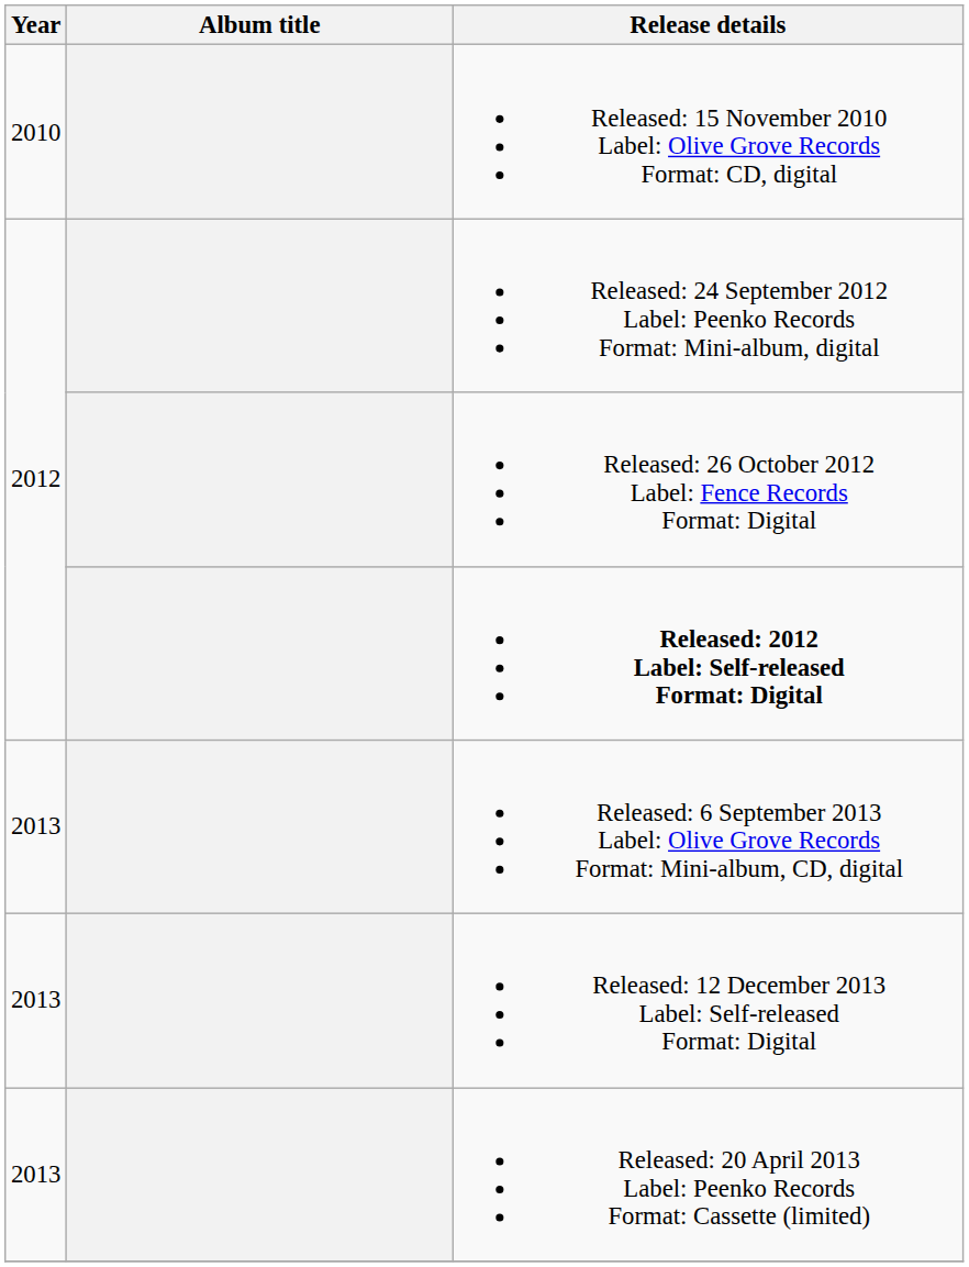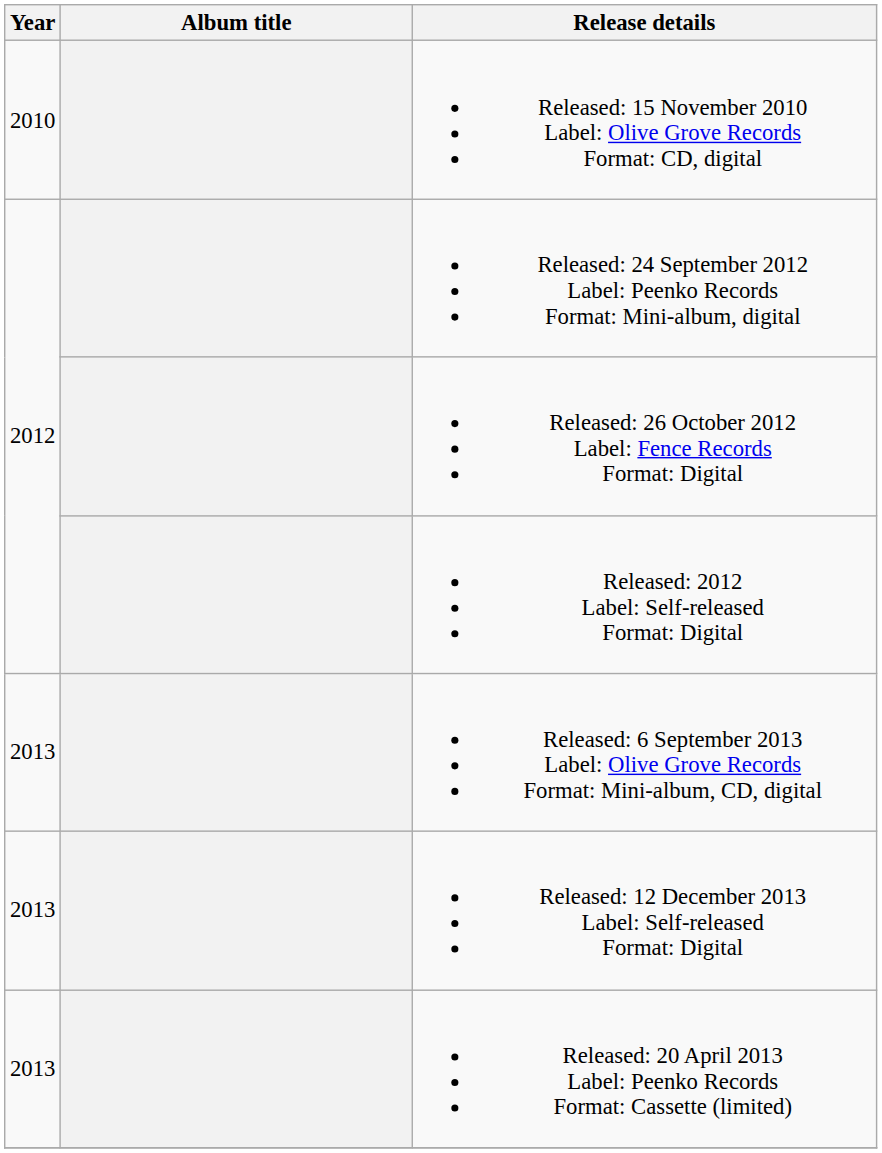 <table class="wikitable plainrowheaders" style="text-align:center;">
 <tr>
 <th>Year</th>
 <th scope="col" rowspan="1" style="width:15em;">Album title</th>
 <th scope="col" rowspan="1" style="width:20em;">Release details</th>
 </tr>
 <tr>
 <td>2010</td>
 <th></th>
 <td><br><ul><li>Released: 15 November 2010</li><li>Label: <a href='#'>Olive Grove Records</a></li><li>Format: CD, digital</li></ul></td>
 </tr>
 <tr>
 <td rowspan="3">2012</td>
 <th></th>
 <td><br><ul><li>Released: 24 September 2012</li><li>Label: Peenko Records</li><li>Format: Mini-album, digital</li></ul></td>
 </tr>
 <tr>
 <th></th>
 <td><br><ul><li>Released: 26 October 2012</li><li>Label: <a href='#'>Fence Records</a></li><li>Format: Digital</li></ul></td>
 </tr>
 <tr>
 <th></th>
-<td><strong><br><ul><li>Released: 2012</li><li>Label: Self-released</li><li>Format: Digital</li></ul></strong></td>
+<td><br><ul><li>Released: 2012</li><li>Label: Self-released</li><li>Format: Digital</li></ul></td>
 </tr>
 <tr>
 <td>2013</td>
 <th></th>
 <td><br><ul><li>Released: 6 September 2013</li><li>Label: <a href='#'>Olive Grove Records</a></li><li>Format: Mini-album, CD, digital</li></ul></td>
 </tr>
 <tr>
 <td>2013</td>
 <th></th>
 <td><br><ul><li>Released: 12 December 2013</li><li>Label: Self-released</li><li>Format: Digital</li></ul></td>
 </tr>
 <tr>
 <td>2013</td>
 <th></th>
 <td><br><ul><li>Released: 20 April 2013</li><li>Label: Peenko Records</li><li>Format: Cassette (limited)</li></ul></td>
 </tr>
 <tr>
 </tr>
 </table>
